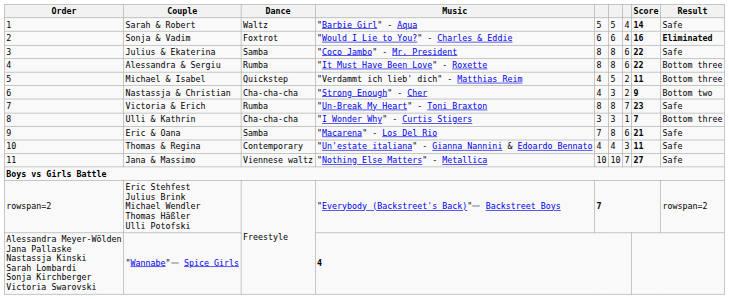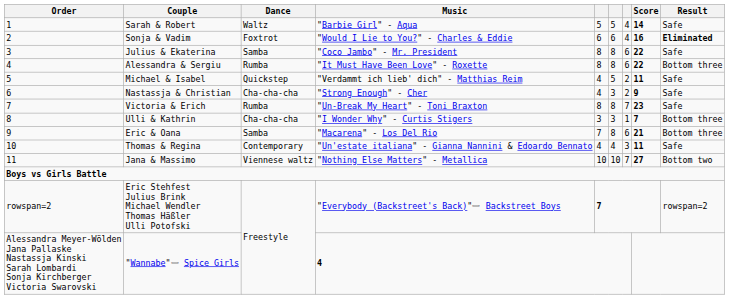 <table class="wikitable sortable center">
 <tr>
 <th>Order</th>
 <th>Couple</th>
 <th>Dance</th>
 <th>Music</th>
 <th><small></small></th>
 <th><small></small></th>
 <th><small></small></th>
 <th>Score</th>
 <th>Result</th>
 </tr>
 <tr>
 <td>1</td>
 <td>Sarah & Robert</td>
 <td>Waltz</td>
 <td>"<a href='#'>Barbie Girl</a>" - <a href='#'>Aqua</a></td>
 <td>5</td>
 <td>5</td>
 <td>4</td>
 <td><strong>14</strong></td>
 <td>Safe</td>
 </tr>
 <tr>
 <td>2</td>
 <td>Sonja & Vadim</td>
 <td>Foxtrot</td>
 <td>"<a href='#'>Would I Lie to You?</a>" - <a href='#'>Charles & Eddie</a></td>
 <td>6</td>
 <td>6</td>
 <td>4</td>
 <td><strong>16</strong></td>
 <td><strong>Eliminated</strong></td>
 </tr>
 <tr>
 <td>3</td>
 <td>Julius & Ekaterina</td>
 <td>Samba</td>
 <td>"<a href='#'>Coco Jambo</a>" - <a href='#'>Mr. President</a></td>
 <td>8</td>
 <td>8</td>
 <td>6</td>
 <td><strong>22</strong></td>
 <td>Safe</td>
 </tr>
 <tr>
 <td>4</td>
 <td>Alessandra & Sergiu</td>
 <td>Rumba</td>
 <td>"<a href='#'>It Must Have Been Love</a>" - <a href='#'>Roxette</a></td>
 <td>8</td>
 <td>8</td>
 <td>6</td>
 <td><strong>22</strong></td>
 <td>Bottom three</td>
 </tr>
 <tr>
 <td>5</td>
 <td>Michael & Isabel</td>
 <td>Quickstep</td>
 <td>"Verdammt ich lieb' dich" - <a href='#'>Matthias Reim</a></td>
 <td>4</td>
 <td>5</td>
 <td>2</td>
 <td><strong>11</strong></td>
-<td>Bottom three</td>
+<td>Safe</td>
 </tr>
 <tr>
 <td>6</td>
 <td>Nastassja & Christian</td>
 <td>Cha-cha-cha</td>
 <td>"<a href='#'>Strong Enough</a>" - <a href='#'>Cher</a></td>
 <td>4</td>
 <td>3</td>
 <td>2</td>
 <td><strong>9</strong></td>
-<td>Bottom two</td>
+<td>Safe</td>
 </tr>
 <tr>
 <td>7</td>
 <td>Victoria & Erich</td>
 <td>Rumba</td>
 <td>"<a href='#'>Un-Break My Heart</a>" - <a href='#'>Toni Braxton</a></td>
 <td>8</td>
 <td>8</td>
 <td>7</td>
 <td><strong>23</strong></td>
 <td>Safe</td>
 </tr>
 <tr>
 <td>8</td>
 <td>Ulli & Kathrin</td>
 <td>Cha-cha-cha</td>
 <td>"<a href='#'>I Wonder Why</a>" - <a href='#'>Curtis Stigers</a></td>
 <td>3</td>
 <td>3</td>
 <td>1</td>
 <td><strong>7</strong></td>
 <td>Bottom three</td>
 </tr>
 <tr>
 <td>9</td>
 <td>Eric & Oana</td>
 <td>Samba</td>
 <td>"<a href='#'>Macarena</a>" - <a href='#'>Los Del Rio</a></td>
 <td>7</td>
 <td>8</td>
 <td>6</td>
 <td><strong>21</strong></td>
-<td>Safe</td>
+<td>Bottom three</td>
 </tr>
 <tr>
 <td>10</td>
 <td>Thomas & Regina</td>
 <td>Contemporary</td>
 <td>"<a href='#'>Un'estate italiana</a>" - <a href='#'>Gianna Nannini</a> & <a href='#'>Edoardo Bennato</a></td>
 <td>4</td>
 <td>4</td>
 <td>3</td>
 <td><strong>11</strong></td>
 <td>Safe</td>
 </tr>
 <tr>
 <td>11</td>
 <td>Jana & Massimo</td>
 <td>Viennese waltz</td>
 <td>"<a href='#'>Nothing Else Matters</a>" - <a href='#'>Metallica</a></td>
 <td>10</td>
 <td>10</td>
 <td>7</td>
 <td><strong>27</strong></td>
-<td>Safe</td>
+<td>Bottom two</td>
 </tr>
 <tr>
 <td colspan=9><strong>Boys vs Girls Battle</strong></td>
 </tr>
 <tr>
 <td>rowspan=2 </td>
 <td>Eric Stehfest<br>Julius Brink<br>Michael Wendler<br>Thomas Häßler<br>Ulli Potofski</td>
 <td rowspan=2>Freestyle</td>
 <td>"<a href='#'>Everybody (Backstreet's Back)</a>"一 <a href='#'>Backstreet Boys</a></td>
 <td colspan=4><strong>7</strong></td>
 <td>rowspan=2 </td>
 </tr>
 <tr>
 <td>Alessandra Meyer-Wölden<br>Jana Pallaske<br>Nastassja Kinski<br>Sarah Lombardi<br>Sonja Kirchberger<br>Victoria Swarovski</td>
 <td>"<a href='#'>Wannabe</a>"一 <a href='#'>Spice Girls</a></td>
 <td colspan=4><strong>4</strong></td>
 </tr>
 </table>
